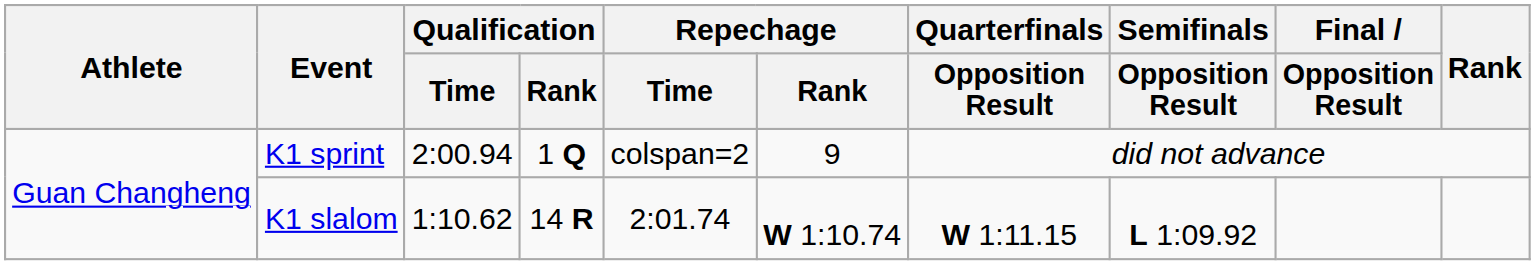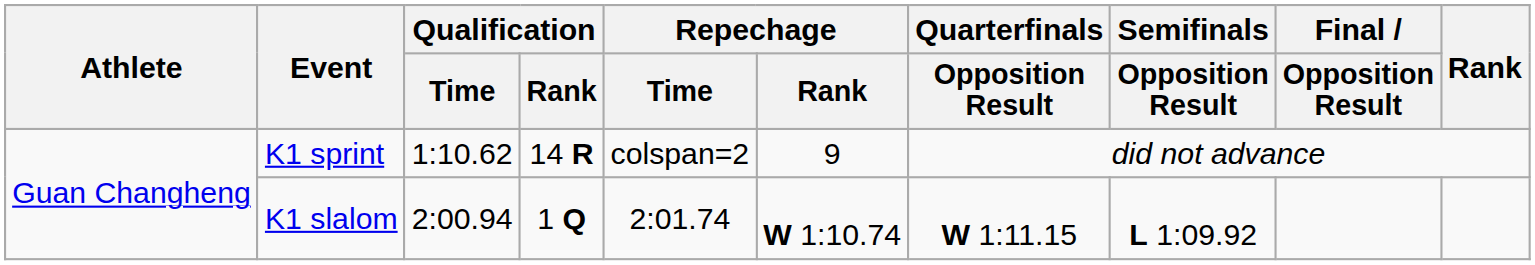 <table class="wikitable" style="font-size:90%">
 <tr>
 <th rowspan=2>Athlete</th>
 <th rowspan=2>Event</th>
 <th colspan=2>Qualification</th>
 <th colspan=2>Repechage</th>
 <th>Quarterfinals</th>
 <th>Semifinals</th>
 <th>Final / </th>
 <th rowspan=2>Rank</th>
 </tr>
 <tr style="font-size:95%">
 <th>Time</th>
 <th>Rank</th>
 <th>Time</th>
 <th>Rank</th>
 <th>Opposition <br>Result</th>
 <th>Opposition <br>Result</th>
 <th>Opposition <br>Result</th>
 </tr>
 <tr align=center>
 <td align=left rowspan=2><a href='#'>Guan Changheng</a></td>
 <td align=left><a href='#'>K1 sprint</a></td>
-<td>2:00.94</td>
-<td>1 <strong>Q</strong></td>
+<td>1:10.62</td>
+<td>14 <strong>R</strong></td>
 <td>colspan=2 </td>
 <td>9</td>
 <td Colspan=4><em>did not advance</em></td>
 </tr>
 <tr align=center>
 <td align="left"><a href='#'>K1 slalom</a></td>
-<td>1:10.62</td>
-<td>14 <strong>R</strong></td>
+<td>2:00.94</td>
+<td>1 <strong>Q</strong></td>
 <td>2:01.74</td>
 <td><br> <strong>W</strong> 1:10.74</td>
 <td><br> <strong>W</strong> 1:11.15</td>
 <td><br> <strong>L</strong> 1:09.92</td>
 <td></td>
 </tr>
 </table>
